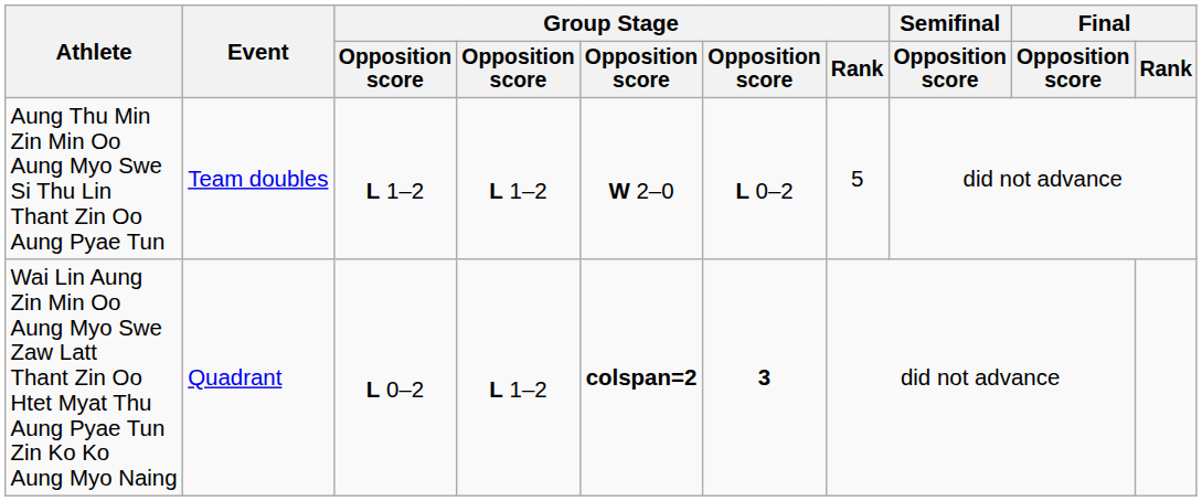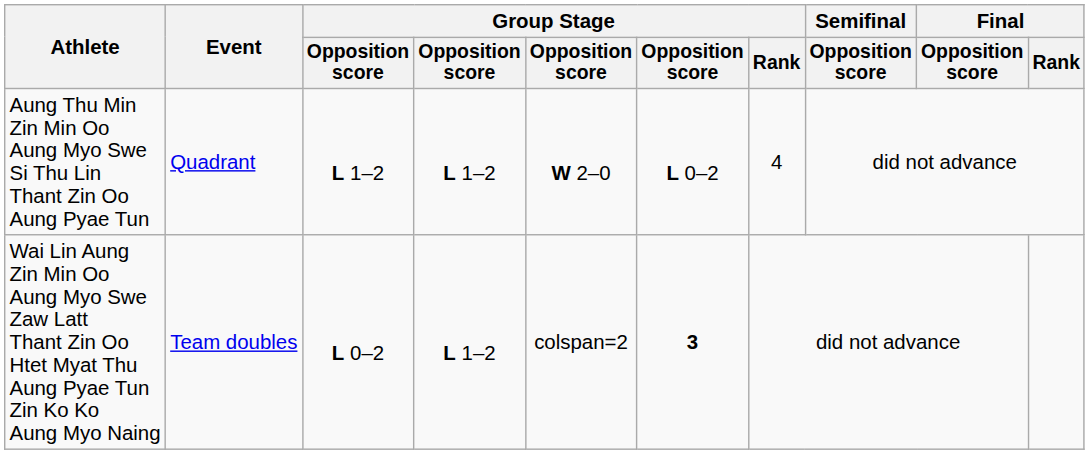 <table class=wikitable style=font-size:90%;text-align:center>
 <tr>
 <th rowspan="2">Athlete</th>
 <th rowspan="2">Event</th>
 <th colspan=5>Group Stage</th>
 <th>Semifinal</th>
 <th colspan=2>Final</th>
 </tr>
 <tr style="font-size:95%">
 <th>Opposition<br>score</th>
 <th>Opposition<br>score</th>
 <th>Opposition<br>score</th>
 <th>Opposition<br>score</th>
 <th>Rank</th>
 <th>Opposition<br>score</th>
 <th>Opposition<br>score</th>
 <th>Rank</th>
 </tr>
 <tr>
 <td align=left>Aung Thu Min<br>Zin Min Oo<br>Aung Myo Swe<br>Si Thu Lin<br>Thant Zin Oo<br>Aung Pyae Tun</td>
-<td align=left><a href='#'>Team doubles</a></td>
+<td align=left><a href='#'>Quadrant</a></td>
 <td><br><strong>L</strong> 1–2</td>
 <td><br><strong>L</strong> 1–2</td>
 <td><br><strong>W</strong> 2–0</td>
 <td><br><strong>L</strong> 0–2</td>
-<td>5</td>
+<td>4</td>
 <td colspan=3>did not advance</td>
 </tr>
 <tr>
 <td align=left>Wai Lin Aung<br>Zin Min Oo<br>Aung Myo Swe<br>Zaw Latt<br>Thant Zin Oo<br>Htet Myat Thu<br>Aung Pyae Tun<br>Zin Ko Ko<br>Aung Myo Naing</td>
-<td align=left><a href='#'>Quadrant</a></td>
+<td align=left><a href='#'>Team doubles</a></td>
 <td><br><strong>L</strong> 0–2</td>
 <td><br><strong>L</strong> 1–2</td>
-<td><strong>colspan=2 </strong></td>
+<td>colspan=2 </td>
 <td><strong>3</strong></td>
 <td colspan=3>did not advance</td>
 </tr>
 </table>
